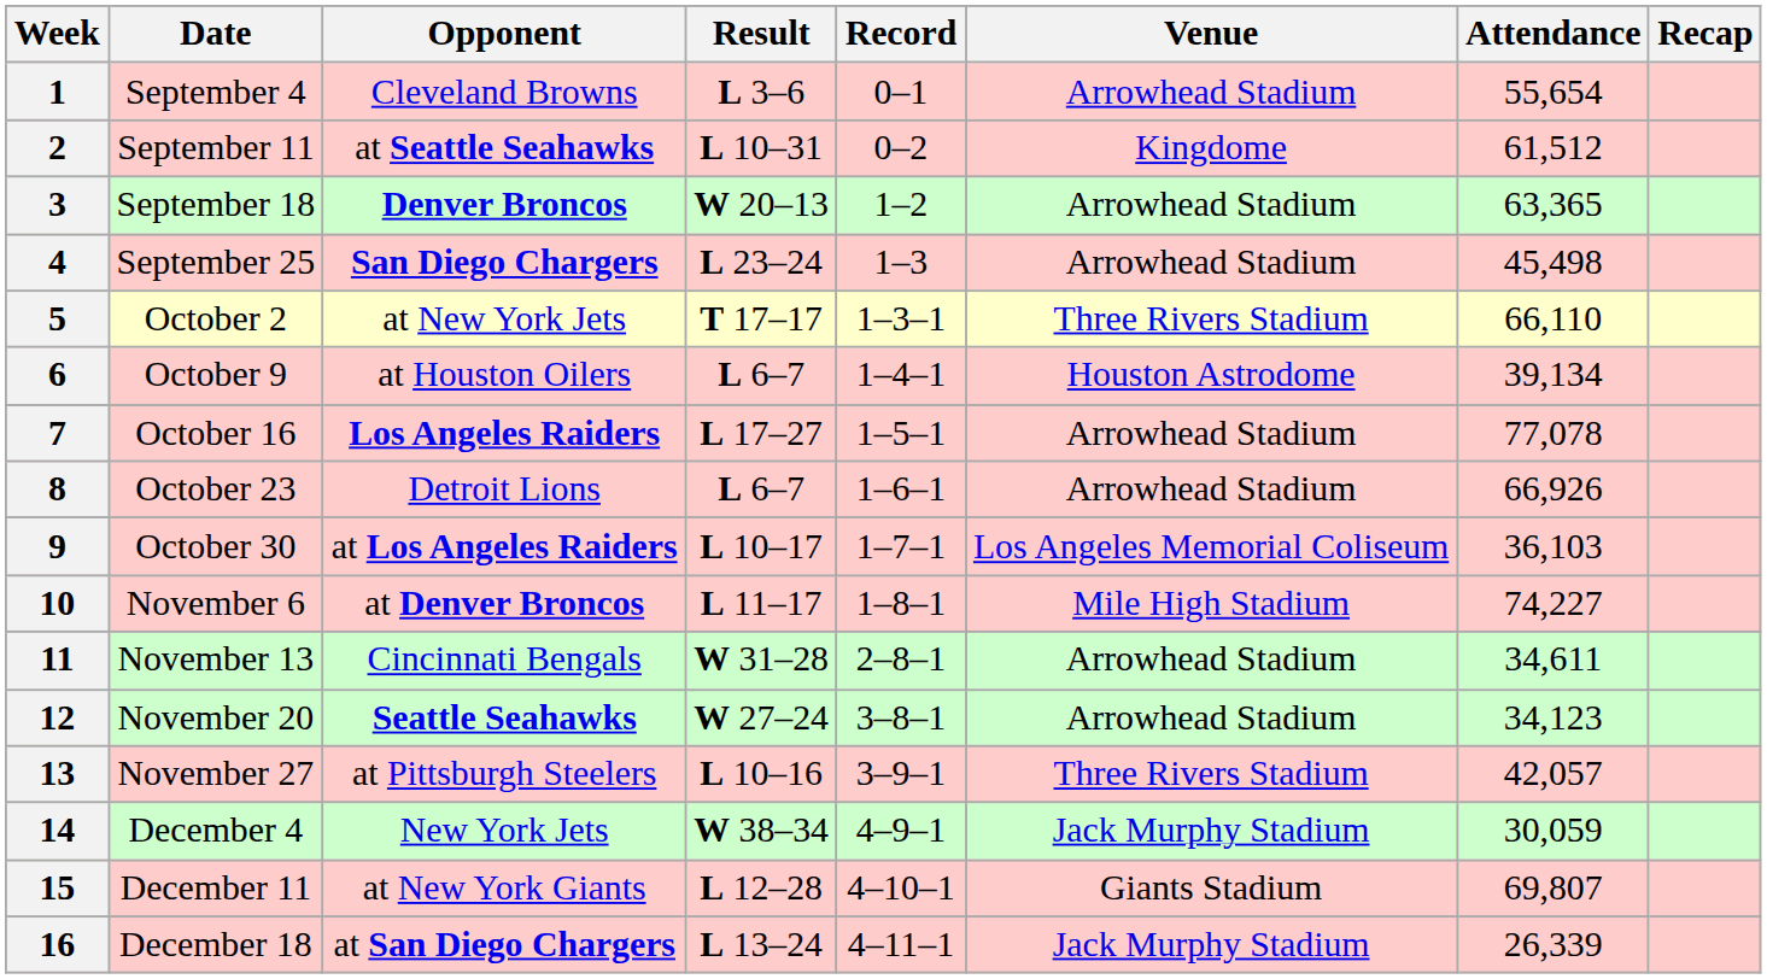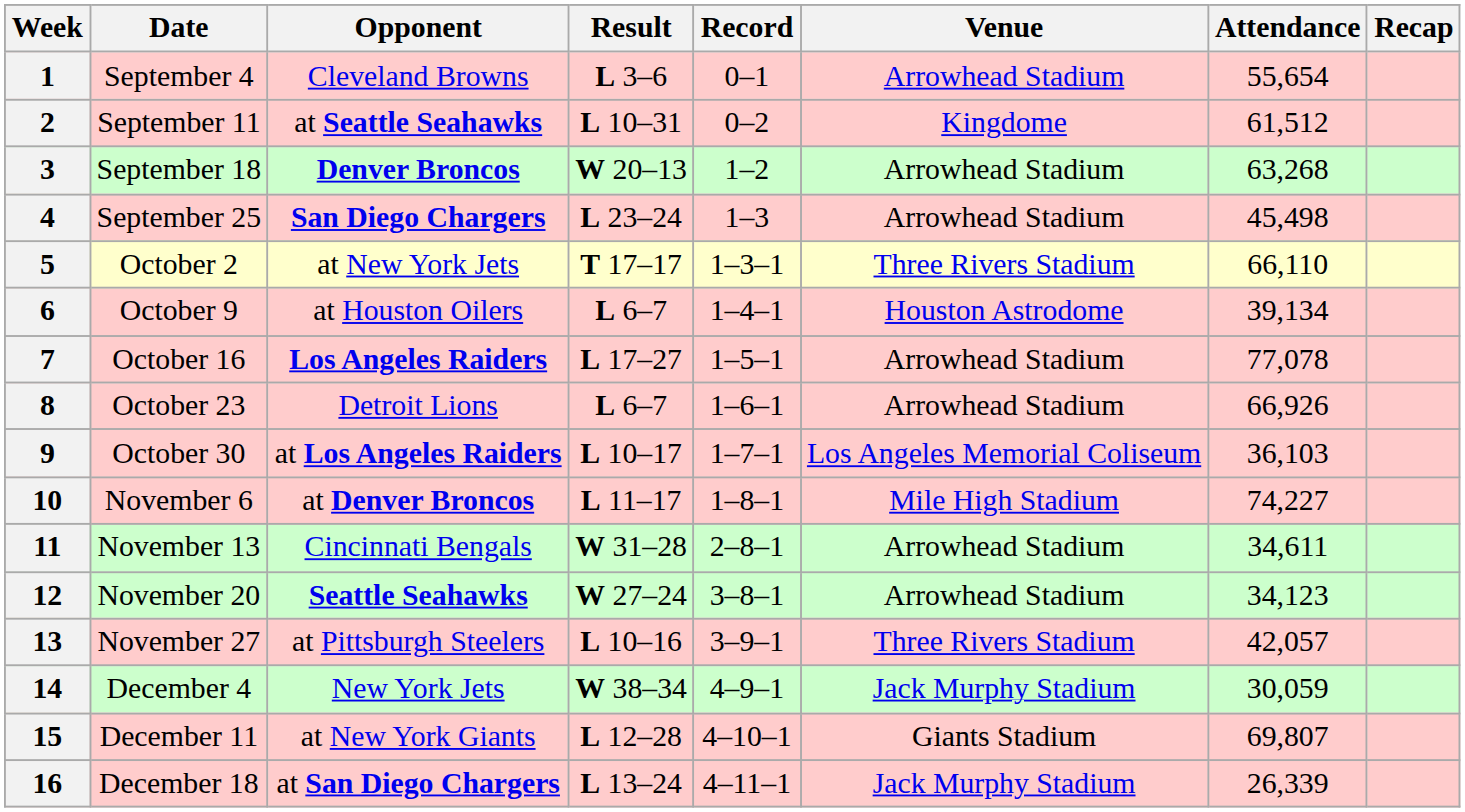 <table class="wikitable" style="text-align:center">
 <tr>
 <th>Week</th>
 <th>Date</th>
 <th>Opponent</th>
 <th>Result</th>
 <th>Record</th>
 <th>Venue</th>
 <th>Attendance</th>
 <th>Recap</th>
 </tr>
 <tr style="background:#fcc">
 <th>1</th>
 <td>September 4</td>
 <td><a href='#'>Cleveland Browns</a></td>
 <td><strong>L</strong> 3–6</td>
 <td>0–1</td>
 <td><a href='#'>Arrowhead Stadium</a></td>
 <td>55,654</td>
 <td></td>
 </tr>
 <tr style="background:#fcc">
 <th>2</th>
 <td>September 11</td>
 <td>at <strong><a href='#'>Seattle Seahawks</a></strong></td>
 <td><strong>L</strong> 10–31</td>
 <td>0–2</td>
 <td><a href='#'>Kingdome</a></td>
 <td>61,512</td>
 <td></td>
 </tr>
 <tr style="background:#cfc">
 <th>3</th>
 <td>September 18</td>
 <td><strong><a href='#'>Denver Broncos</a></strong></td>
 <td><strong>W</strong> 20–13</td>
 <td>1–2</td>
 <td>Arrowhead Stadium</td>
-<td>63,365</td>
+<td>63,268</td>
 <td></td>
 </tr>
 <tr style="background:#fcc">
 <th>4</th>
 <td>September 25</td>
 <td><strong><a href='#'>San Diego Chargers</a></strong></td>
 <td><strong>L</strong> 23–24</td>
 <td>1–3</td>
 <td>Arrowhead Stadium</td>
 <td>45,498</td>
 <td></td>
 </tr>
 <tr style="background:#ffc">
 <th>5</th>
 <td>October 2</td>
 <td>at <a href='#'>New York Jets</a></td>
 <td><strong>T</strong> 17–17 </td>
 <td>1–3–1</td>
 <td><a href='#'>Three Rivers Stadium</a></td>
 <td>66,110</td>
 <td></td>
 </tr>
 <tr style="background:#fcc">
 <th>6</th>
 <td>October 9</td>
 <td>at <a href='#'>Houston Oilers</a></td>
 <td><strong>L</strong> 6–7</td>
 <td>1–4–1</td>
 <td><a href='#'>Houston Astrodome</a></td>
 <td>39,134</td>
 <td></td>
 </tr>
 <tr style="background:#fcc">
 <th>7</th>
 <td>October 16</td>
 <td><strong><a href='#'>Los Angeles Raiders</a></strong></td>
 <td><strong>L</strong> 17–27</td>
 <td>1–5–1</td>
 <td>Arrowhead Stadium</td>
 <td>77,078</td>
 <td></td>
 </tr>
 <tr style="background:#fcc">
 <th>8</th>
 <td>October 23</td>
 <td><a href='#'>Detroit Lions</a></td>
 <td><strong>L</strong> 6–7</td>
 <td>1–6–1</td>
 <td>Arrowhead Stadium</td>
 <td>66,926</td>
 <td></td>
 </tr>
 <tr style="background:#fcc">
 <th>9</th>
 <td>October 30</td>
 <td>at <strong><a href='#'>Los Angeles Raiders</a></strong></td>
 <td><strong>L</strong> 10–17</td>
 <td>1–7–1</td>
 <td><a href='#'>Los Angeles Memorial Coliseum</a></td>
 <td>36,103</td>
 <td></td>
 </tr>
 <tr style="background:#fcc">
 <th>10</th>
 <td>November 6</td>
 <td>at <strong><a href='#'>Denver Broncos</a></strong></td>
 <td><strong>L</strong> 11–17</td>
 <td>1–8–1</td>
 <td><a href='#'>Mile High Stadium</a></td>
 <td>74,227</td>
 <td></td>
 </tr>
 <tr style="background:#cfc">
 <th>11</th>
 <td>November 13</td>
 <td><a href='#'>Cincinnati Bengals</a></td>
 <td><strong>W</strong> 31–28</td>
 <td>2–8–1</td>
 <td>Arrowhead Stadium</td>
 <td>34,611</td>
 <td></td>
 </tr>
 <tr style="background:#cfc">
 <th>12</th>
 <td>November 20</td>
 <td><strong><a href='#'>Seattle Seahawks</a></strong></td>
 <td><strong>W</strong> 27–24</td>
 <td>3–8–1</td>
 <td>Arrowhead Stadium</td>
 <td>34,123</td>
 <td></td>
 </tr>
 <tr style="background:#fcc">
 <th>13</th>
 <td>November 27</td>
 <td>at <a href='#'>Pittsburgh Steelers</a></td>
 <td><strong>L</strong> 10–16</td>
 <td>3–9–1</td>
 <td><a href='#'>Three Rivers Stadium</a></td>
 <td>42,057</td>
 <td></td>
 </tr>
 <tr style="background:#cfc">
 <th>14</th>
 <td>December 4</td>
 <td><a href='#'>New York Jets</a></td>
 <td><strong>W</strong> 38–34</td>
 <td>4–9–1</td>
 <td><a href='#'>Jack Murphy Stadium</a></td>
 <td>30,059</td>
 <td></td>
 </tr>
 <tr style="background:#fcc">
 <th>15</th>
 <td>December 11</td>
 <td>at <a href='#'>New York Giants</a></td>
 <td><strong>L</strong> 12–28</td>
 <td>4–10–1</td>
 <td>Giants Stadium</td>
 <td>69,807</td>
 <td></td>
 </tr>
 <tr style="background:#fcc">
 <th>16</th>
 <td>December 18</td>
 <td>at <strong><a href='#'>San Diego Chargers</a></strong></td>
 <td><strong>L</strong> 13–24</td>
 <td>4–11–1</td>
 <td><a href='#'>Jack Murphy Stadium</a></td>
 <td>26,339</td>
 <td></td>
 </tr>
 </table>
